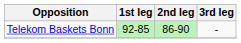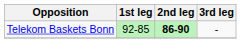 <table class="wikitable" style="text-align: center;">
 <tr>
 <th>Opposition</th>
 <th>1st leg</th>
 <th>2nd leg</th>
 <th>3rd leg</th>
 </tr>
 <tr>
 <td align="left"> <a href='#'>Telekom Baskets Bonn</a></td>
 <td bgcolor=#BBF3BB>92-85</td>
-<td bgcolor=#BBF3BB>86-90</td>
+<td bgcolor=#BBF3BB><strong>86-90</strong></td>
 <td bgcolor=>-</td>
 </tr>
 <tr>
 </tr>
 </table>
